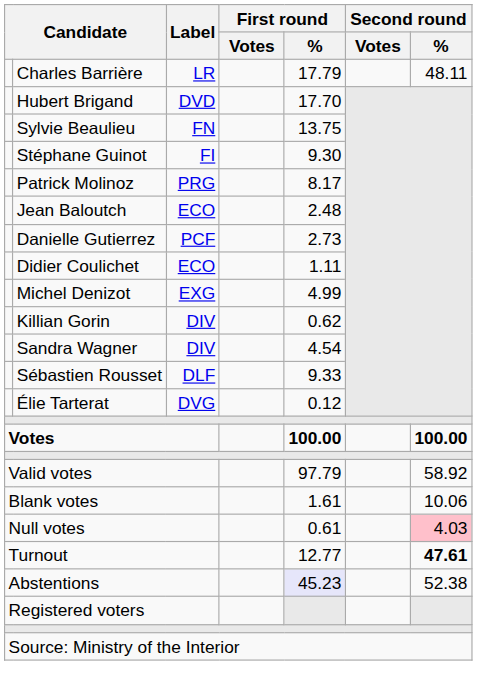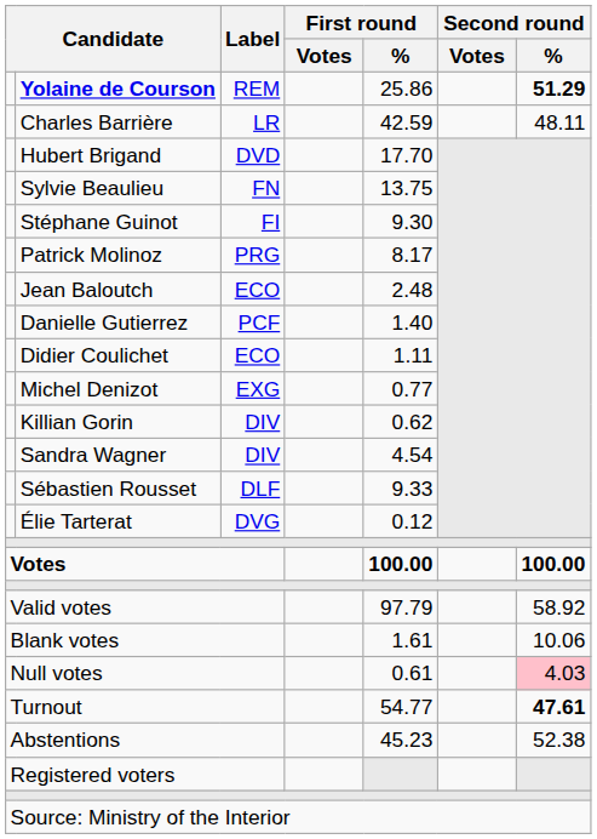 <table class="wikitable" style="text-align:right;font-size:95%;">
 <tr>
 <th rowspan="2" colspan="2">Candidate</th>
 <th rowspan="2">Label</th>
 <th colspan="2">First round</th>
 <th colspan="2">Second round</th>
 </tr>
 <tr>
 <th style="width:50px;">Votes</th>
 <th style="width:45px;">%</th>
 <th style="width:50px;">Votes</th>
 <th style="width:45px;">%</th>
 </tr>
 <tr>
 <td style="color:inherit;background:"></td>
+<td style="text-align:left;"><strong><a href='#'>Yolaine de Courson</a></strong></td>
+<td><a href='#'>REM</a></td>
+<td></td>
+<td>25.86</td>
+<td><strong></strong></td>
+<td><strong>51.29</strong></td>
+</tr>
+<tr>
+<td style="color:inherit;background:"></td>
 <td style="text-align:left;">Charles Barrière</td>
 <td><a href='#'>LR</a></td>
 <td></td>
-<td>17.79</td>
+<td>42.59</td>
 <td></td>
 <td>48.11</td>
 </tr>
 <tr>
 <td style="color:inherit;background:"></td>
 <td style="text-align:left;">Hubert Brigand</td>
 <td><a href='#'>DVD</a></td>
 <td></td>
 <td>17.70</td>
 <td colspan="2" rowspan="12" style="background:#E9E9E9;"></td>
 </tr>
 <tr>
 <td style="color:inherit;background:"></td>
 <td style="text-align:left;">Sylvie Beaulieu</td>
 <td><a href='#'>FN</a></td>
 <td></td>
 <td>13.75</td>
 </tr>
 <tr>
 <td style="color:inherit;background:"></td>
 <td style="text-align:left;">Stéphane Guinot</td>
 <td><a href='#'>FI</a></td>
 <td></td>
 <td>9.30</td>
 </tr>
 <tr>
 <td style="color:inherit;background:"></td>
 <td style="text-align:left;">Patrick Molinoz</td>
 <td><a href='#'>PRG</a></td>
 <td></td>
 <td>8.17</td>
 </tr>
 <tr>
 <td style="color:inherit;background:"></td>
 <td style="text-align:left;">Jean Baloutch</td>
 <td><a href='#'>ECO</a></td>
 <td></td>
 <td>2.48</td>
 </tr>
 <tr>
 <td style="color:inherit;background:"></td>
 <td style="text-align:left;">Danielle Gutierrez</td>
 <td><a href='#'>PCF</a></td>
 <td></td>
-<td>2.73</td>
+<td>1.40</td>
 </tr>
 <tr>
 <td style="color:inherit;background:"></td>
 <td style="text-align:left;">Didier Coulichet</td>
 <td><a href='#'>ECO</a></td>
 <td></td>
 <td>1.11</td>
 </tr>
 <tr>
 <td style="color:inherit;background:"></td>
 <td style="text-align:left;">Michel Denizot</td>
 <td><a href='#'>EXG</a></td>
 <td></td>
-<td>4.99</td>
+<td>0.77</td>
 </tr>
 <tr>
 <td style="color:inherit;background:"></td>
 <td style="text-align:left;">Killian Gorin</td>
 <td><a href='#'>DIV</a></td>
 <td></td>
 <td>0.62</td>
 </tr>
 <tr>
 <td style="color:inherit;background:"></td>
 <td style="text-align:left;">Sandra Wagner</td>
 <td><a href='#'>DIV</a></td>
 <td></td>
 <td>4.54</td>
 </tr>
 <tr>
 <td style="color:inherit;background:"></td>
 <td style="text-align:left;">Sébastien Rousset</td>
 <td><a href='#'>DLF</a></td>
 <td></td>
 <td>9.33</td>
 </tr>
 <tr>
 <td style="color:inherit;background:"></td>
 <td style="text-align:left;">Élie Tarterat</td>
 <td><a href='#'>DVG</a></td>
 <td></td>
 <td>0.12</td>
 </tr>
 <tr>
 <td colspan="7" style="background:#E9E9E9;"></td>
 </tr>
 <tr style="font-weight:bold;">
 <td colspan="3" style="text-align:left;">Votes</td>
 <td></td>
 <td>100.00</td>
 <td></td>
 <td>100.00</td>
 </tr>
 <tr>
 <td colspan="7" style="background:#E9E9E9;"></td>
 </tr>
 <tr>
 <td colspan="3" style="text-align:left;">Valid votes</td>
 <td></td>
 <td>97.79</td>
 <td></td>
 <td>58.92</td>
 </tr>
 <tr>
 <td colspan="3" style="text-align:left;">Blank votes</td>
 <td></td>
 <td>1.61</td>
 <td></td>
 <td>10.06</td>
 </tr>
 <tr>
 <td colspan="3" style="text-align:left;">Null votes</td>
 <td></td>
 <td>0.61</td>
 <td></td>
 <td style="background: pink;">4.03</td>
 </tr>
 <tr>
 <td colspan="3" style="text-align:left;">Turnout</td>
 <td></td>
-<td>12.77</td>
+<td>54.77</td>
 <td></td>
 <td><strong>47.61</strong></td>
 </tr>
 <tr>
 <td colspan="3" style="text-align:left;">Abstentions</td>
 <td></td>
-<td style="background: lavender;">45.23</td>
+<td>45.23</td>
 <td></td>
 <td>52.38</td>
 </tr>
 <tr>
 <td colspan="3" style="text-align:left;">Registered voters</td>
 <td></td>
 <td style="color:inherit;background:#E9E9E9;"></td>
 <td></td>
 <td style="color:inherit;background:#E9E9E9;"></td>
 </tr>
 <tr>
 <td colspan="7" style="background:#E9E9E9;"></td>
 </tr>
 <tr>
 <td colspan="7" style="text-align:left;">Source: Ministry of the Interior</td>
 </tr>
 </table>
